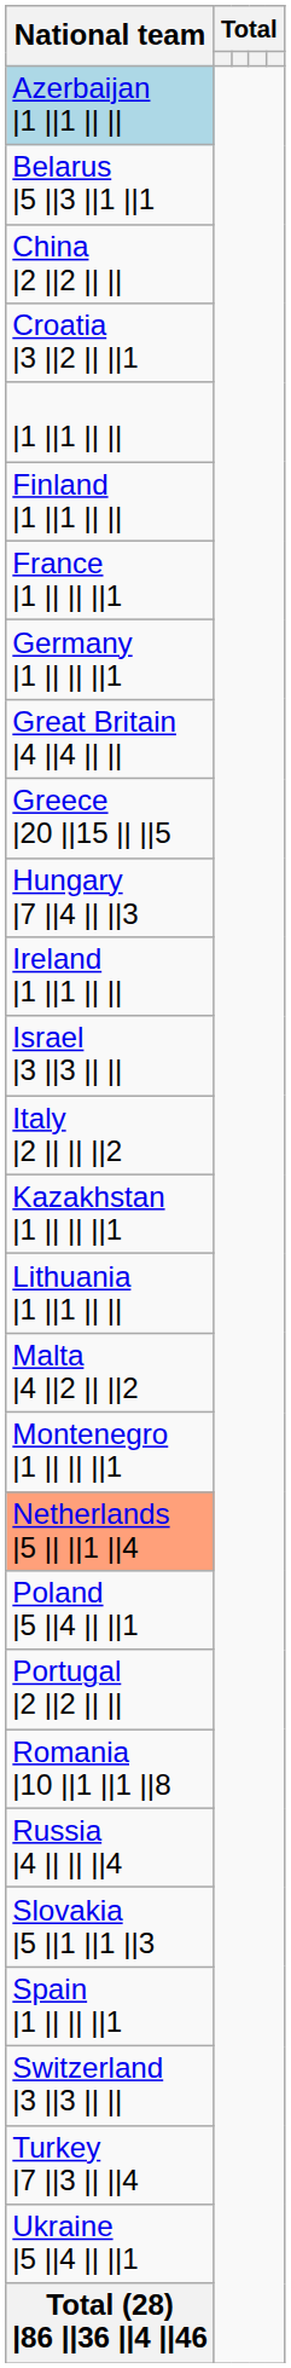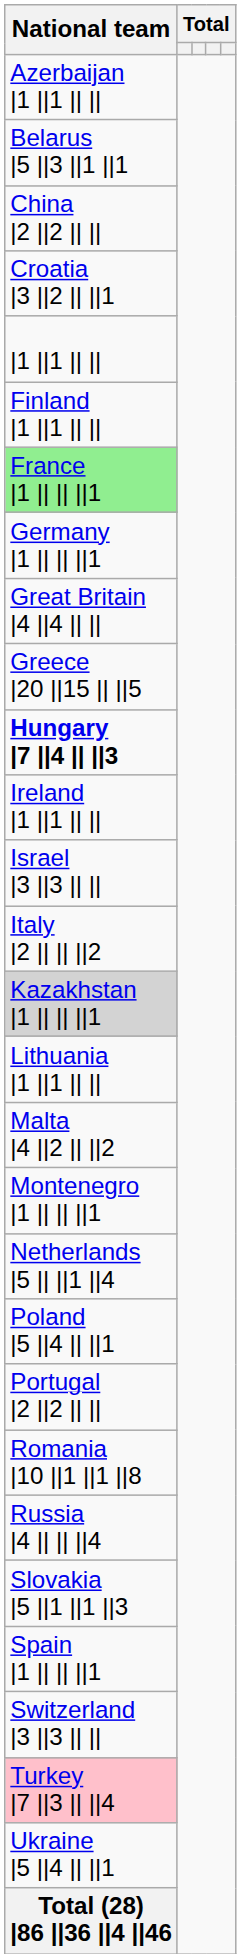 <table class="wikitable sortable" style="text-align:center">
 <tr>
 <th align="center" rowspan="2">National team</th>
 <th align="center" colspan="4"><small>Total</small></th>
 </tr>
 <tr>
 <th><small></small></th>
 <th><small></small></th>
 <th><small></small></th>
 <th><small></small></th>
 </tr>
 <tr>
-<td align="left" style="background: lightblue;"> <a href='#'>Azerbaijan</a><br>|1 ||1 || ||</td>
+<td align="left"> <a href='#'>Azerbaijan</a><br>|1 ||1 || ||</td>
 </tr>
 <tr>
 <td align="left"> <a href='#'>Belarus</a><br>|5 ||3 ||1 ||1</td>
 </tr>
 <tr>
 <td align="left"> <a href='#'>China</a><br>|2 ||2 || ||</td>
 </tr>
 <tr>
 <td align="left"> <a href='#'>Croatia</a><br>|3 ||2 || ||1</td>
 </tr>
 <tr>
 <td align="left"><br>|1 ||1 || ||</td>
 </tr>
 <tr>
 <td align="left"> <a href='#'>Finland</a><br>|1 ||1 || ||</td>
 </tr>
 <tr>
-<td align="left"> <a href='#'>France</a><br>|1 || || ||1</td>
+<td align="left" style="background: lightgreen;"> <a href='#'>France</a><br>|1 || || ||1</td>
 </tr>
 <tr>
 <td align="left"> <a href='#'>Germany</a><br>|1 || || ||1</td>
 </tr>
 <tr>
 <td align="left"> <a href='#'>Great Britain</a><br>|4 ||4 || ||</td>
 </tr>
 <tr>
 <td align="left"> <a href='#'>Greece</a><br>|20 ||15 || ||5</td>
 </tr>
 <tr>
-<td align="left"> <a href='#'>Hungary</a><br>|7 ||4 || ||3</td>
+<td align="left"><strong> <a href='#'>Hungary</a><br>|7 ||4 || ||3</strong></td>
 </tr>
 <tr>
 <td align="left"> <a href='#'>Ireland</a><br>|1 ||1 || ||</td>
 </tr>
 <tr>
 <td align="left"> <a href='#'>Israel</a><br>|3 ||3 || ||</td>
 </tr>
 <tr>
 <td align="left"> <a href='#'>Italy</a><br>|2 || || ||2</td>
 </tr>
 <tr>
-<td align="left"> <a href='#'>Kazakhstan</a><br>|1 || || ||1</td>
+<td align="left" style="background: lightgrey;"> <a href='#'>Kazakhstan</a><br>|1 || || ||1</td>
 </tr>
 <tr>
 <td align="left"> <a href='#'>Lithuania</a><br>|1 ||1 || ||</td>
 </tr>
 <tr>
 <td align="left"> <a href='#'>Malta</a><br>|4 ||2 || ||2</td>
 </tr>
 <tr>
 <td align="left"> <a href='#'>Montenegro</a><br>|1 || || ||1</td>
 </tr>
 <tr>
-<td align="left" style="background: lightsalmon;"> <a href='#'>Netherlands</a><br>|5 || ||1 ||4</td>
+<td align="left"> <a href='#'>Netherlands</a><br>|5 || ||1 ||4</td>
 </tr>
 <tr>
 <td align="left"> <a href='#'>Poland</a><br>|5 ||4 || ||1</td>
 </tr>
 <tr>
 <td align="left"> <a href='#'>Portugal</a><br>|2 ||2 || ||</td>
 </tr>
 <tr>
 <td align="left"> <a href='#'>Romania</a><br>|10 ||1 ||1 ||8</td>
 </tr>
 <tr>
 <td align="left"> <a href='#'>Russia</a><br>|4 || || ||4</td>
 </tr>
 <tr>
 <td align="left"> <a href='#'>Slovakia</a><br>|5 ||1 ||1 ||3</td>
 </tr>
 <tr>
 <td align="left"> <a href='#'>Spain</a><br>|1 || || ||1</td>
 </tr>
 <tr>
 <td align="left"> <a href='#'>Switzerland</a><br>|3 ||3 || ||</td>
 </tr>
 <tr>
-<td align="left"> <a href='#'>Turkey</a><br>|7 ||3 || ||4</td>
+<td align="left" style="background: pink;"> <a href='#'>Turkey</a><br>|7 ||3 || ||4</td>
 </tr>
 <tr>
 <td align="left"> <a href='#'>Ukraine</a><br>|5 ||4 || ||1</td>
 </tr>
 <tr>
 <th>Total (28)<br>|86 ||36 ||4 ||46</th>
 </tr>
 </table>
